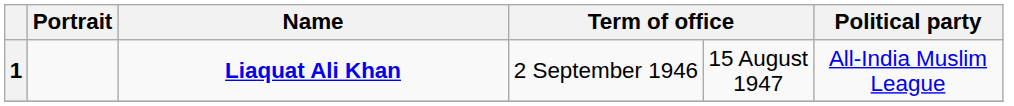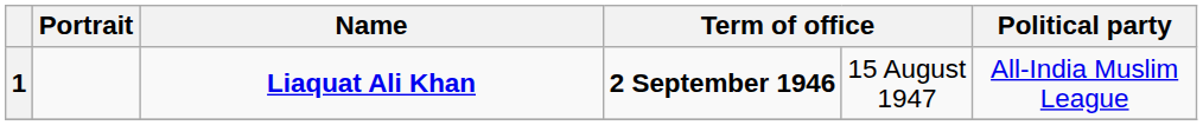 <table class="wikitable" style="text-align:center">
 <tr>
 <th></th>
 <th>Portrait</th>
 <th style="width:17em">Name</th>
 <th colspan="2">Term of office</th>
 <th style="width:8em">Political party</th>
 </tr>
 <tr>
 <th>1</th>
 <td></td>
 <td><strong><a href='#'>Liaquat Ali Khan</a></strong></td>
-<td>2 September 1946</td>
+<td><strong>2 September 1946</strong></td>
 <td>15 August<br>1947</td>
 <td><a href='#'>All-India Muslim League</a></td>
 </tr>
 <tr>
 </tr>
 </table>
